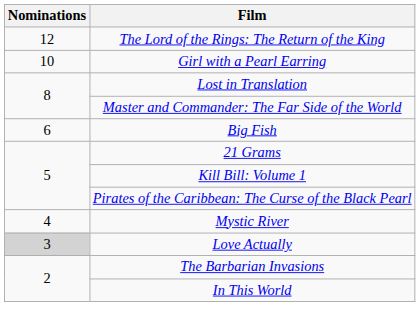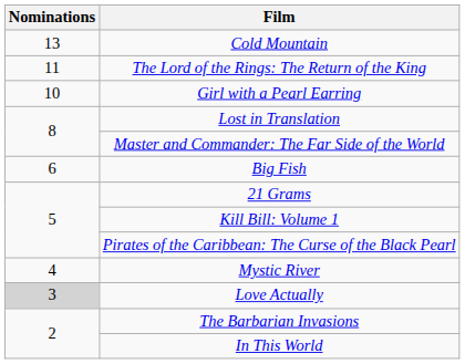 <table class="wikitable" style="text-align:center;">
 <tr>
 <th style="background:">Nominations</th>
 <th style="background:">Film</th>
 </tr>
 <tr>
-<td>12</td>
+<td>13</td>
+<td><em><a href='#'>Cold Mountain</a></em></td>
+</tr>
+<tr>
+<td>11</td>
 <td><em><a href='#'>The Lord of the Rings: The Return of the King</a></em></td>
 </tr>
 <tr>
 <td>10</td>
 <td><em><a href='#'>Girl with a Pearl Earring</a></em></td>
 </tr>
 <tr>
 <td rowspan="2">8</td>
 <td><em><a href='#'>Lost in Translation</a></em></td>
 </tr>
 <tr>
 <td><em><a href='#'>Master and Commander: The Far Side of the World</a></em></td>
 </tr>
 <tr>
 <td>6</td>
 <td><em><a href='#'>Big Fish</a></em></td>
 </tr>
 <tr>
 <td rowspan="3">5</td>
 <td><em><a href='#'>21 Grams</a></em></td>
 </tr>
 <tr>
 <td><em><a href='#'>Kill Bill: Volume 1</a></em></td>
 </tr>
 <tr>
 <td><em><a href='#'>Pirates of the Caribbean: The Curse of the Black Pearl</a></em></td>
 </tr>
 <tr>
 <td>4</td>
 <td><em><a href='#'>Mystic River</a></em></td>
 </tr>
 <tr>
 <td style="background: lightgrey;">3</td>
 <td><em><a href='#'>Love Actually</a></em></td>
 </tr>
 <tr>
 <td rowspan="2">2</td>
 <td><em><a href='#'>The Barbarian Invasions</a></em></td>
 </tr>
 <tr>
 <td><em><a href='#'>In This World</a></em></td>
 </tr>
 </table>
